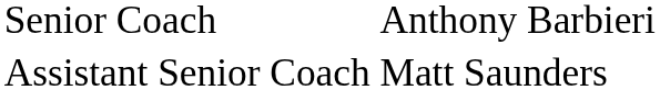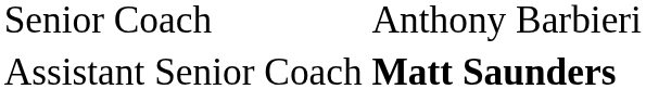 <table>
 <tr>
 <td>Senior Coach</td>
 <td>  Anthony Barbieri</td>
 </tr>
 <tr>
 <td>Assistant Senior Coach</td>
-<td> Matt Saunders</td>
+<td><strong> Matt Saunders</strong></td>
 </tr>
 </table>
